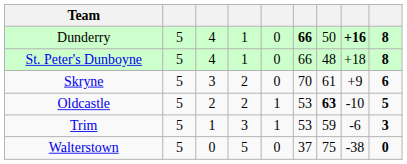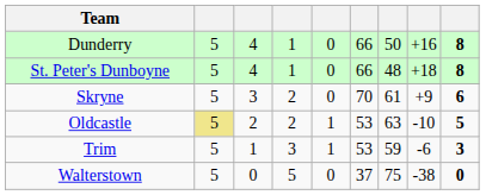 <table class="wikitable" style="text-align:center">
 <tr>
 <th width="175">Team</th>
 <th width="30"></th>
 <th width="30"></th>
 <th width="30"></th>
 <th width="30"></th>
 <th width="20"></th>
 <th width="20"></th>
 <th width="20"></th>
 <th width="30"></th>
 </tr>
 <tr style="background:#cfc;">
 <td>Dunderry</td>
 <td>5</td>
 <td>4</td>
 <td>1</td>
 <td>0</td>
-<td><strong>66</strong></td>
+<td>66</td>
 <td>50</td>
-<td><strong>+16</strong></td>
+<td>+16</td>
 <td><strong>8</strong></td>
 </tr>
 <tr style="background:#cfc;">
 <td><a href='#'>St. Peter's Dunboyne</a></td>
 <td>5</td>
 <td>4</td>
 <td>1</td>
 <td>0</td>
 <td>66</td>
 <td>48</td>
 <td>+18</td>
 <td><strong>8</strong></td>
 </tr>
 <tr>
 <td><a href='#'>Skryne</a></td>
 <td>5</td>
 <td>3</td>
 <td>2</td>
 <td>0</td>
 <td>70</td>
 <td>61</td>
 <td>+9</td>
 <td><strong>6</strong></td>
 </tr>
 <tr>
 <td><a href='#'>Oldcastle</a></td>
-<td>5</td>
+<td style="background: khaki;">5</td>
 <td>2</td>
 <td>2</td>
 <td>1</td>
 <td>53</td>
-<td><strong>63</strong></td>
+<td>63</td>
 <td>-10</td>
 <td><strong>5</strong></td>
 </tr>
 <tr>
 <td><a href='#'>Trim</a></td>
 <td>5</td>
 <td>1</td>
 <td>3</td>
 <td>1</td>
 <td>53</td>
 <td>59</td>
 <td>-6</td>
 <td><strong>3</strong></td>
 </tr>
 <tr>
 <td><a href='#'>Walterstown</a></td>
 <td>5</td>
 <td>0</td>
 <td>5</td>
 <td>0</td>
 <td>37</td>
 <td>75</td>
 <td>-38</td>
 <td><strong>0</strong></td>
 </tr>
 </table>
